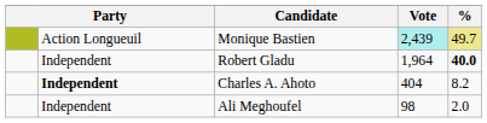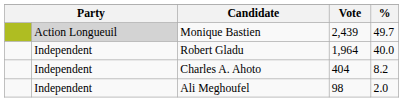 <table class="wikitable">
 <tr>
 </tr>
 <tr>
 <th bgcolor="#DDDDFF" width="230px" colspan="2">Party</th>
 <th bgcolor="#DDDDFF" width="200px">Candidate</th>
 <th bgcolor="#DDDDFF" width="50px">Vote</th>
 <th bgcolor="#DDDDFF" width="30px">%</th>
 </tr>
 <tr>
 <td bgcolor=#AFBD22 width="30px"> </td>
-<td>Action Longueuil</td>
+<td style="background: lightgrey;">Action Longueuil</td>
 <td>Monique Bastien</td>
-<td style="background: paleturquoise;">2,439</td>
-<td style="background: khaki;">49.7</td>
+<td>2,439</td>
+<td>49.7</td>
 </tr>
 <tr>
 <td> </td>
 <td>Independent</td>
 <td>Robert Gladu</td>
 <td>1,964</td>
-<td><strong>40.0</strong></td>
+<td>40.0</td>
 </tr>
 <tr>
 <td> </td>
-<td><strong>Independent</strong></td>
+<td>Independent</td>
 <td>Charles A. Ahoto</td>
 <td>404</td>
 <td>8.2</td>
 </tr>
 <tr>
 <td> </td>
 <td>Independent</td>
 <td>Ali Meghoufel</td>
 <td>98</td>
 <td>2.0</td>
 </tr>
 </table>
